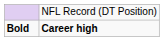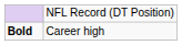 <table class="wikitable plainrowheaders">
 <tr>
 <td style="background:#e0cef2; width:3em;"></td>
 <td>NFL Record (DT Position)</td>
 </tr>
 <tr>
 <td><strong>Bold</strong></td>
-<td><strong>Career high</strong></td>
+<td>Career high</td>
 </tr>
 </table>
